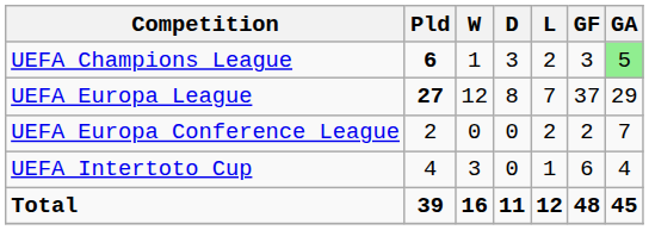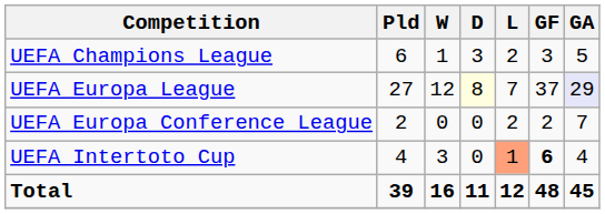 <table class="wikitable">
 <tr>
 <th>Competition</th>
 <th>Pld</th>
 <th>W</th>
 <th>D</th>
 <th>L</th>
 <th>GF</th>
 <th>GA</th>
 </tr>
 <tr>
 <td><a href='#'>UEFA Champions League</a></td>
-<td style="text-align:center;"><strong>6</strong></td>
+<td style="text-align:center;">6</td>
 <td style="text-align:center;">1</td>
 <td style="text-align:center;">3</td>
 <td style="text-align:center;">2</td>
 <td style="text-align:center;">3</td>
-<td style="background: lightgreen; text-align:center;">5</td>
+<td style="text-align:center;">5</td>
 </tr>
 <tr>
 <td><a href='#'>UEFA Europa League</a></td>
-<td style="text-align:center;"><strong>27</strong></td>
+<td style="text-align:center;">27</td>
 <td style="text-align:center;">12</td>
-<td style="text-align:center;">8</td>
+<td style="background: lightyellow; text-align:center;">8</td>
 <td style="text-align:center;">7</td>
 <td style="text-align:center;">37</td>
-<td style="text-align:center;">29</td>
+<td style="background: lavender; text-align:center;">29</td>
 </tr>
 <tr>
 <td><a href='#'>UEFA Europa Conference League</a></td>
 <td style="text-align:center;">2</td>
 <td style="text-align:center;">0</td>
 <td style="text-align:center;">0</td>
 <td style="text-align:center;">2</td>
 <td style="text-align:center;">2</td>
 <td style="text-align:center;">7</td>
 </tr>
 <tr>
 <td><a href='#'>UEFA Intertoto Cup</a></td>
 <td style="text-align:center;">4</td>
 <td style="text-align:center;">3</td>
 <td style="text-align:center;">0</td>
-<td style="text-align:center;">1</td>
-<td style="text-align:center;">6</td>
+<td style="background: lightsalmon; text-align:center;">1</td>
+<td style="text-align:center;"><strong>6</strong></td>
 <td style="text-align:center;">4</td>
 </tr>
 <tr>
 <td><strong>Total</strong></td>
 <td style="text-align:center;"><strong>39</strong></td>
 <td style="text-align:center;"><strong>16</strong></td>
 <td style="text-align:center;"><strong>11</strong></td>
 <td style="text-align:center;"><strong>12</strong></td>
 <td style="text-align:center;"><strong>48</strong></td>
 <td style="text-align:center;"><strong>45</strong></td>
 </tr>
 <tr>
 </tr>
 </table>
